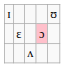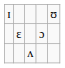 <table class="wikitable">
 <tr>
 <td>ɪ</td>
 <td> </td>
 <td> </td>
 <td> </td>
 <td>ʊ</td>
 </tr>
 <tr>
 <td> </td>
 <td>ɛ</td>
 <td> </td>
-<td style="background: pink;">ɔ</td>
+<td>ɔ</td>
 <td> </td>
 </tr>
 <tr>
 <td> </td>
 <td> </td>
 <td>ʌ</td>
 <td> </td>
 <td> </td>
 </tr>
 </table>
